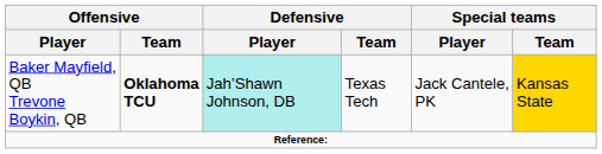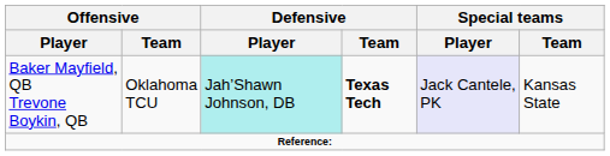 <table class="wikitable">
 <tr>
 <th colspan="2">Offensive</th>
 <th colspan="2">Defensive</th>
 <th colspan="2">Special teams</th>
 </tr>
 <tr>
 <th>Player</th>
 <th>Team</th>
 <th>Player</th>
 <th>Team</th>
 <th>Player</th>
 <th>Team</th>
 </tr>
 <tr>
 <td><a href='#'>Baker Mayfield</a>, QB <br> <a href='#'>Trevone Boykin</a>, QB</td>
-<td><strong>Oklahoma <br> TCU</strong></td>
+<td>Oklahoma <br> TCU</td>
 <td style="background: paleturquoise;">Jah’Shawn Johnson, DB</td>
-<td>Texas Tech</td>
-<td>Jack Cantele, PK</td>
-<td style="background: gold;">Kansas State</td>
+<td><strong>Texas Tech</strong></td>
+<td style="background: lavender;">Jack Cantele, PK</td>
+<td>Kansas State</td>
 </tr>
 <tr>
 <td colspan="12"  style="font-size:8pt; text-align:center;"><strong>Reference:</strong></td>
 </tr>
 </table>
